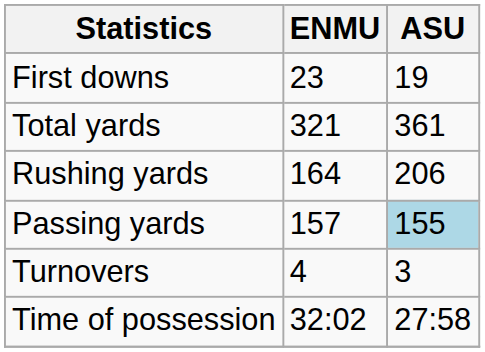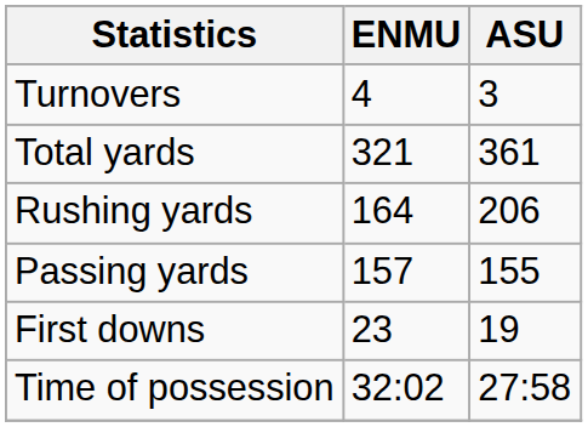 <table class="wikitable">
 <tr>
 <th>Statistics</th>
 <th>ENMU</th>
 <th>ASU</th>
 </tr>
 <tr>
-<td>First downs</td>
-<td>23</td>
-<td>19</td>
+<td>Turnovers</td>
+<td>4</td>
+<td>3</td>
 </tr>
 <tr>
 <td>Total yards</td>
 <td>321</td>
 <td>361</td>
 </tr>
 <tr>
 <td>Rushing yards</td>
 <td>164</td>
 <td>206</td>
 </tr>
 <tr>
 <td>Passing yards</td>
 <td>157</td>
-<td style="background: lightblue;">155</td>
+<td>155</td>
 </tr>
 <tr>
-<td>Turnovers</td>
-<td>4</td>
-<td>3</td>
+<td>First downs</td>
+<td>23</td>
+<td>19</td>
 </tr>
 <tr>
 <td>Time of possession</td>
 <td>32:02</td>
 <td>27:58</td>
 </tr>
 <tr>
 </tr>
 </table>
